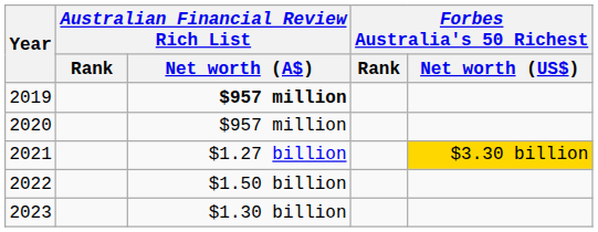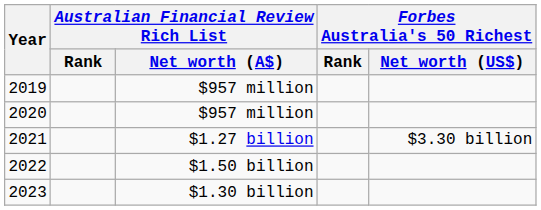 <table class="wikitable">
 <tr>
 <th rowspan=2>Year</th>
 <th colspan=2><em><a href='#'>Australian Financial Review</a></em><br><a href='#'>Rich List</a></th>
 <th colspan=2><em><a href='#'>Forbes</a></em><br><a href='#'>Australia's 50 Richest</a></th>
 </tr>
 <tr>
 <th>Rank</th>
 <th><a href='#'>Net worth</a> (<a href='#'>A$</a>)</th>
 <th>Rank</th>
 <th><a href='#'>Net worth</a> (<a href='#'>US$</a>)</th>
 </tr>
 <tr>
 <td>2019</td>
 <td align="center"></td>
-<td align="right"><strong>$957 million </strong></td>
+<td align="right">$957 million </td>
 <td align="center"></td>
 <td align="right"></td>
 </tr>
 <tr>
 <td>2020</td>
 <td align="center"></td>
 <td align="right">$957 million </td>
 <td align="center"></td>
 <td align="right"></td>
 </tr>
 <tr>
 <td>2021</td>
 <td align="center"></td>
 <td align="right">$1.27 <a href='#'>billion</a> </td>
 <td align="center"></td>
-<td align="right" style="background: gold;">$3.30 billion</td>
+<td align="right">$3.30 billion</td>
 </tr>
 <tr>
 <td>2022</td>
 <td align="center"></td>
 <td align="right">$1.50 billion </td>
 <td align="center"></td>
 <td align="right"></td>
 </tr>
 <tr>
 <td>2023</td>
 <td align="center"></td>
 <td align="right">$1.30 billion </td>
 <td align="center"></td>
 <td align="right"></td>
 </tr>
 </table>
